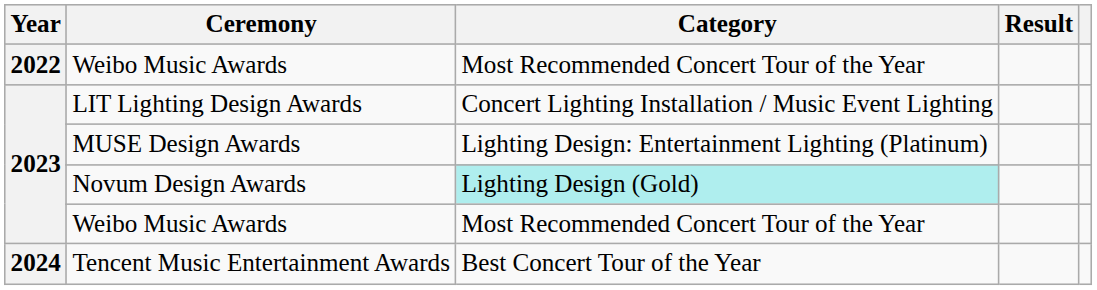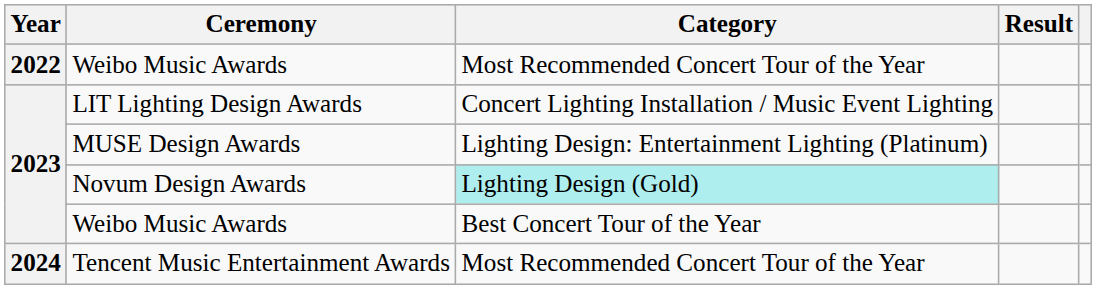 <table class="wikitable sortable plainrowheaders">
 <tr>
 <th scope="col">Year</th>
 <th scope="col">Ceremony</th>
 <th scope="col">Category</th>
 <th scope="col">Result</th>
 <th scope="col" class="unsortable"></th>
 </tr>
 <tr>
 <th scope="row" style="text-align:center;">2022</th>
 <td>Weibo Music Awards</td>
 <td>Most Recommended Concert Tour of the Year</td>
 <td></td>
 <td style="text-align:center;"></td>
 </tr>
 <tr>
 <th rowspan="4" scope="rowgroup" style="text-align:center;">2023</th>
 <td>LIT Lighting Design Awards</td>
 <td>Concert Lighting Installation / Music Event Lighting</td>
 <td></td>
 <td style="text-align:center;"></td>
 </tr>
 <tr>
 <td>MUSE Design Awards</td>
 <td>Lighting Design: Entertainment Lighting (Platinum)</td>
 <td></td>
 <td style="text-align:center;"></td>
 </tr>
 <tr>
 <td>Novum Design Awards</td>
 <td style="background: paleturquoise;">Lighting Design (Gold)</td>
 <td></td>
 <td style="text-align:center;"></td>
 </tr>
 <tr>
 <td>Weibo Music Awards</td>
-<td>Most Recommended Concert Tour of the Year</td>
+<td>Best Concert Tour of the Year</td>
 <td></td>
 <td style="text-align:center;"></td>
 </tr>
 <tr>
 <th rowspan="2" scope="rowgroup" style="text-align:center;">2024</th>
 <td>Tencent Music Entertainment Awards</td>
-<td>Best Concert Tour of the Year</td>
+<td>Most Recommended Concert Tour of the Year</td>
 <td></td>
 <td style="text-align:center;"></td>
 </tr>
 </table>
